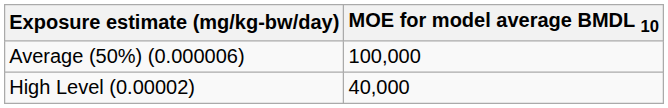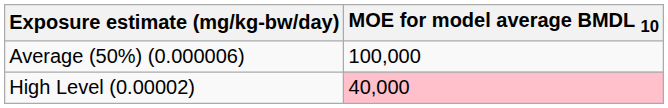 <table class="wikitable" border="1">
 <tr>
 <th>Exposure estimate (mg/kg-bw/day)</th>
 <th>MOE for model average BMDL <sub>10</sub></th>
 </tr>
 <tr>
 <td>Average (50%) (0.000006)</td>
 <td>100,000</td>
 </tr>
 <tr>
 <td>High Level (0.00002)</td>
-<td>40,000</td>
+<td style="background: pink;">40,000</td>
 </tr>
 </table>
